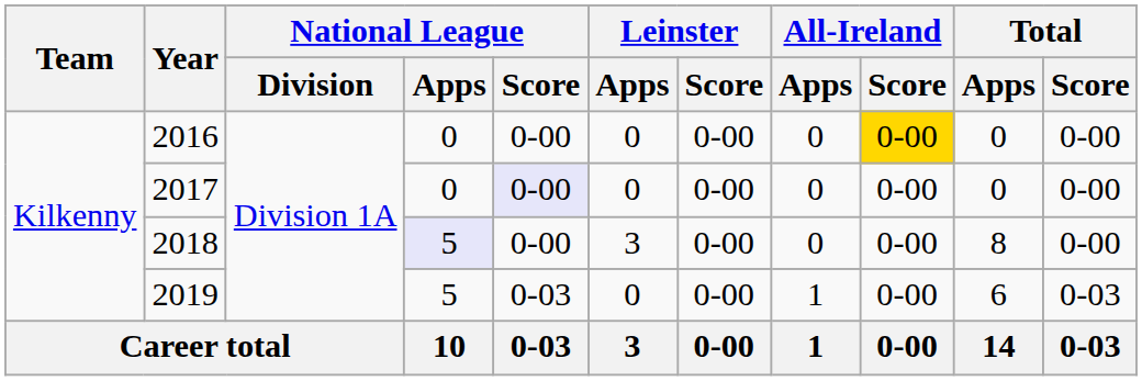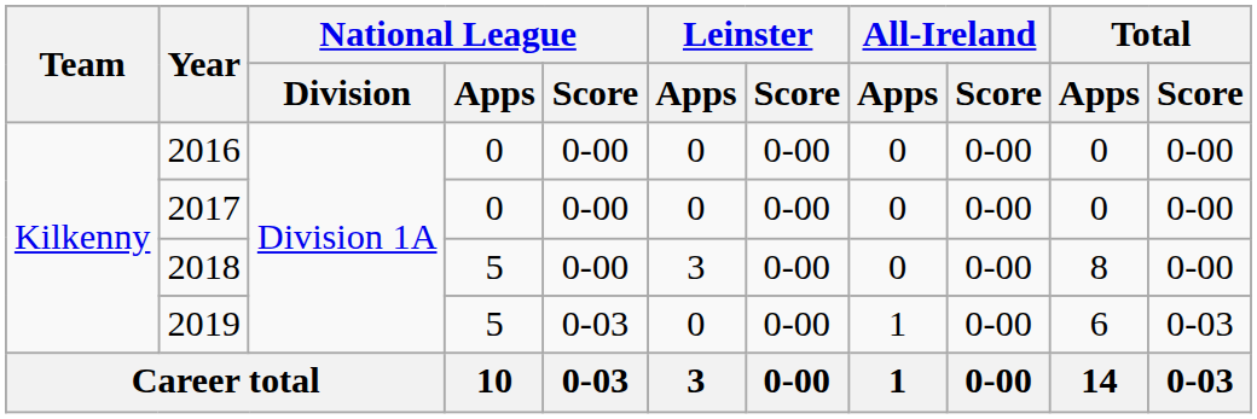 <table class="wikitable" style="text-align:center">
 <tr>
 <th rowspan="2">Team</th>
 <th rowspan="2">Year</th>
 <th colspan="3"><a href='#'>National League</a></th>
 <th colspan="2"><a href='#'>Leinster</a></th>
 <th colspan="2"><a href='#'>All-Ireland</a></th>
 <th colspan="2">Total</th>
 </tr>
 <tr>
 <th>Division</th>
 <th>Apps</th>
 <th>Score</th>
 <th>Apps</th>
 <th>Score</th>
 <th>Apps</th>
 <th>Score</th>
 <th>Apps</th>
 <th>Score</th>
 </tr>
 <tr>
 <td rowspan="4"><a href='#'>Kilkenny</a></td>
 <td>2016</td>
 <td rowspan="4"><a href='#'>Division 1A</a></td>
 <td>0</td>
 <td>0-00</td>
 <td>0</td>
 <td>0-00</td>
 <td>0</td>
-<td style="background: gold;">0-00</td>
+<td>0-00</td>
 <td>0</td>
 <td>0-00</td>
 </tr>
 <tr>
 <td>2017</td>
 <td>0</td>
-<td style="background: lavender;">0-00</td>
+<td>0-00</td>
 <td>0</td>
 <td>0-00</td>
 <td>0</td>
 <td>0-00</td>
 <td>0</td>
 <td>0-00</td>
 </tr>
 <tr>
 <td>2018</td>
-<td style="background: lavender;">5</td>
+<td>5</td>
 <td>0-00</td>
 <td>3</td>
 <td>0-00</td>
 <td>0</td>
 <td>0-00</td>
 <td>8</td>
 <td>0-00</td>
 </tr>
 <tr>
 <td>2019</td>
 <td>5</td>
 <td>0-03</td>
 <td>0</td>
 <td>0-00</td>
 <td>1</td>
 <td>0-00</td>
 <td>6</td>
 <td>0-03</td>
 </tr>
 <tr>
 <th colspan="3">Career total</th>
 <th>10</th>
 <th>0-03</th>
 <th>3</th>
 <th>0-00</th>
 <th>1</th>
 <th>0-00</th>
 <th>14</th>
 <th>0-03</th>
 </tr>
 </table>
